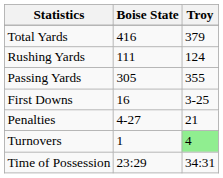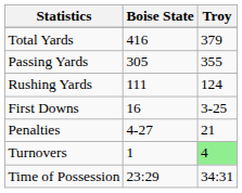 <table class="wikitable">
 <tr>
 <th>Statistics</th>
 <th>Boise State</th>
 <th>Troy</th>
 </tr>
 <tr>
 </tr>
 <tr>
 <td>Total Yards</td>
 <td>416</td>
 <td>379</td>
 </tr>
 <tr>
+<td>Passing Yards</td>
+<td>305</td>
+<td>355</td>
+</tr>
+<tr>
 <td>Rushing Yards</td>
 <td>111</td>
 <td>124</td>
-</tr>
-<tr>
-<td>Passing Yards</td>
-<td>305</td>
-<td>355</td>
 </tr>
 <tr>
 <td>First Downs</td>
 <td>16</td>
 <td>3-25</td>
 </tr>
 <tr>
 <td>Penalties</td>
 <td>4-27</td>
 <td>21</td>
 </tr>
 <tr>
 <td>Turnovers</td>
 <td>1</td>
 <td style="background: lightgreen;">4</td>
 </tr>
 <tr>
 <td>Time of Possession</td>
 <td>23:29</td>
 <td>34:31</td>
 </tr>
 </table>
